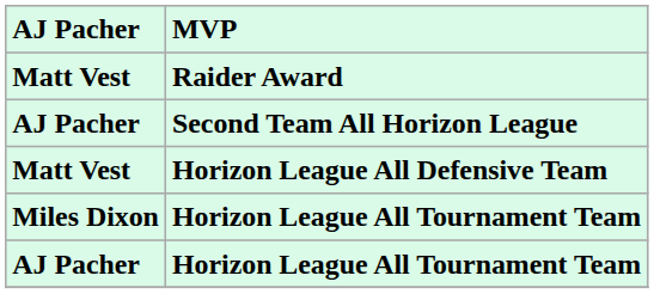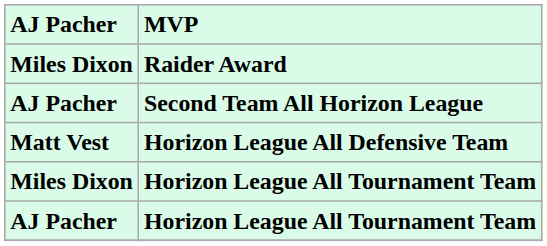 <table class="wikitable" style="background:#d9fbe8; font-size:95%;">
 <tr>
 <td><strong>AJ Pacher</strong></td>
 <td><strong>MVP</strong></td>
 </tr>
 <tr>
-<td><strong>Matt Vest</strong></td>
+<td><strong>Miles Dixon</strong></td>
 <td><strong>Raider Award</strong></td>
 </tr>
 <tr>
 <td><strong>AJ Pacher</strong></td>
 <td><strong>Second Team All Horizon League</strong></td>
 </tr>
 <tr>
 <td><strong>Matt Vest</strong></td>
 <td><strong>Horizon League All Defensive Team</strong></td>
 </tr>
 <tr>
 <td><strong>Miles Dixon</strong></td>
 <td><strong>Horizon League All Tournament Team</strong></td>
 </tr>
 <tr>
 <td><strong>AJ Pacher</strong></td>
 <td><strong>Horizon League All Tournament Team</strong></td>
 </tr>
 <tr>
 </tr>
 </table>
